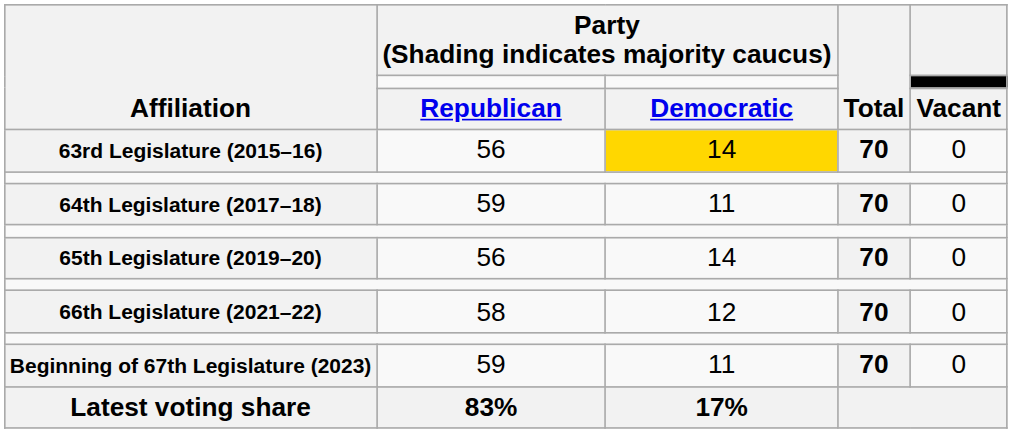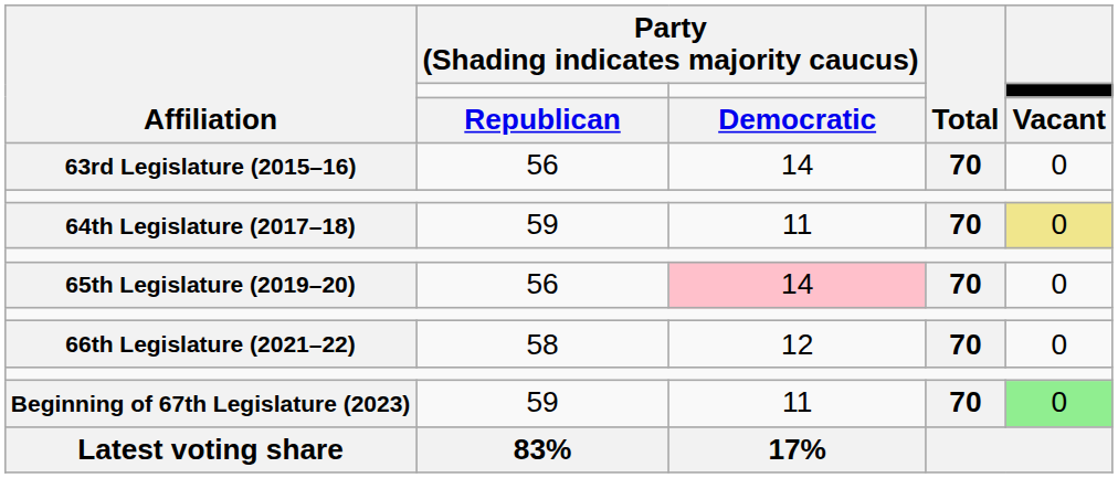 <table class=wikitable style="text-align:center">
 <tr style="vertical-align:bottom;">
 <th rowspan=3>Affiliation</th>
 <th colspan=2>Party <div>(Shading indicates majority caucus)</div></th>
 <th rowspan=3>Total</th>
 <th></th>
 </tr>
 <tr style="height:5px">
 <td style="background-color:"></td>
 <td style="background-color:"></td>
 <td style="background: black"></td>
 </tr>
 <tr>
 <th><a href='#'>Republican</a></th>
 <th><a href='#'>Democratic</a></th>
 <th>Vacant</th>
 </tr>
 <tr>
 <th nowrap style="font-size:80%">63rd Legislature (2015–16)</th>
 <td>56</td>
-<td style="background: gold;">14</td>
+<td>14</td>
 <th>70</th>
 <td>0</td>
 </tr>
 <tr>
 <td colspan=5></td>
 </tr>
 <tr>
 <th nowrap style="font-size:80%">64th Legislature (2017–18)</th>
 <td>59</td>
 <td>11</td>
 <th>70</th>
-<td>0</td>
+<td style="background: khaki;">0</td>
 </tr>
 <tr>
 <td colspan=5></td>
 </tr>
 <tr>
 <th nowrap style="font-size:80%">65th Legislature (2019–20)</th>
 <td>56</td>
-<td>14</td>
+<td style="background: pink;">14</td>
 <th>70</th>
 <td>0</td>
 </tr>
 <tr>
 <td colspan=5></td>
 </tr>
 <tr>
 <th nowrap style="font-size:80%">66th Legislature (2021–22)</th>
 <td>58</td>
 <td>12</td>
 <th>70</th>
 <td>0</td>
 </tr>
 <tr>
 <td colspan=5></td>
 </tr>
 <tr>
 <th nowrap style="font-size:80%">Beginning of 67th Legislature (2023)</th>
 <td>59</td>
 <td>11</td>
 <th>70</th>
-<td>0</td>
+<td style="background: lightgreen;">0</td>
 </tr>
 <tr>
 <th>Latest voting share</th>
 <th>83% </th>
 <th>17%</th>
 <th colspan=2></th>
 </tr>
 </table>
